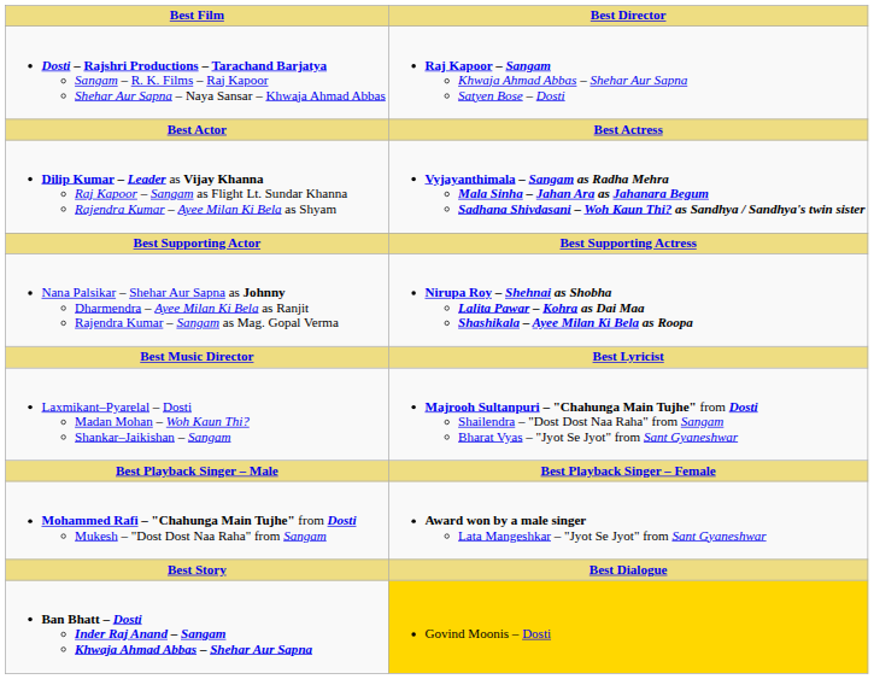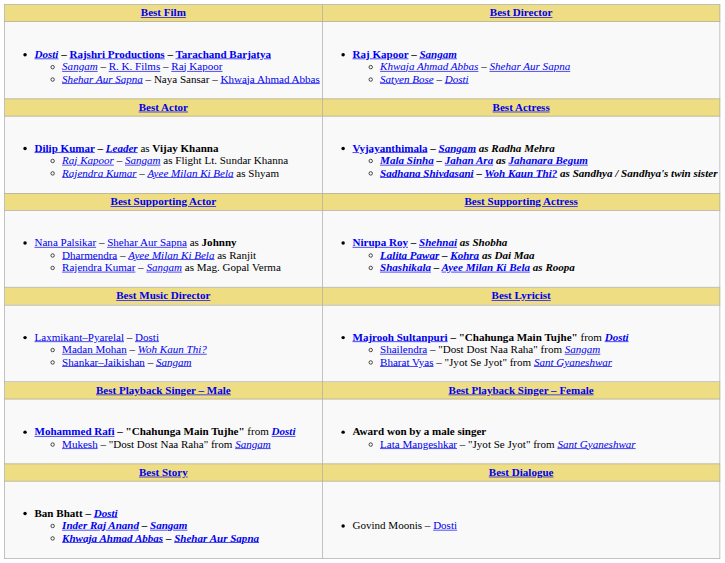 <table class="wikitable">
 <tr>
 <th style="background:#EEDD82;"><a href='#'>Best Film</a></th>
 <th style="background:#EEDD82;"><a href='#'>Best Director</a></th>
 </tr>
 <tr>
 <td valign="top"><br><ul><li><strong> <em><a href='#'>Dosti</a></em> – <a href='#'>Rajshri Productions</a> – <a href='#'>Tarachand Barjatya</a> </strong><ul><li><em><a href='#'>Sangam</a></em> – <a href='#'>R. K. Films</a> – <a href='#'>Raj Kapoor</a></li><li><em><a href='#'>Shehar Aur Sapna</a></em> – Naya Sansar – <a href='#'>Khwaja Ahmad Abbas</a></li></ul></li></ul></td>
 <td valign="top"><br><ul><li><strong><a href='#'>Raj Kapoor</a> – <em><a href='#'>Sangam</a></em> </strong><ul><li><em><a href='#'>Khwaja Ahmad Abbas</a> – <a href='#'>Shehar Aur Sapna</a></em></li><li><em><a href='#'>Satyen Bose</a> – <a href='#'>Dosti</a></em></li></ul></li></ul></td>
 </tr>
 <tr>
 <th style="background:#EEDD82;"><a href='#'>Best Actor</a></th>
 <th style="background:#EEDD82;"><a href='#'>Best Actress</a></th>
 </tr>
 <tr>
 <td><br><ul><li><strong><a href='#'>Dilip Kumar</a> – <em><a href='#'>Leader</a></em> </strong>as <strong>Vijay Khanna</strong><ul><li><em><a href='#'>Raj Kapoor</a> – <a href='#'>Sangam</a></em> as Flight Lt. Sundar Khanna</li><li><em><a href='#'>Rajendra Kumar</a> – <a href='#'>Ayee Milan Ki Bela</a></em> as Shyam</li></ul></li></ul></td>
 <td><br><ul><li><strong><a href='#'>Vyjayanthimala</a> – <em><a href='#'>Sangam</a><strong><em> as </strong>Radha Mehra<strong><ul><li></em><a href='#'>Mala Sinha</a> – <a href='#'>Jahan Ara</a><em> as <a href='#'>Jahanara Begum</a></li><li></em><a href='#'>Sadhana Shivdasani</a> – <a href='#'>Woh Kaun Thi?</a><em> as Sandhya / Sandhya's twin sister</li></ul></li></ul></td>
 </tr>
 <tr>
 <th style="background:#EEDD82;"><a href='#'>Best Supporting Actor</a></th>
 <th style="background:#EEDD82;"><a href='#'>Best Supporting Actress</a></th>
 </tr>
 <tr>
 <td><br><ul><li></strong><a href='#'>Nana Palsikar</a> – </em><a href='#'>Shehar Aur Sapna</a></em></strong> as <strong>Johnny</strong><ul><li><a href='#'>Dharmendra</a> – <em><a href='#'>Ayee Milan Ki Bela</a></em> as Ranjit</li><li><a href='#'>Rajendra Kumar</a> – <em><a href='#'>Sangam</a></em> as Mag. Gopal Verma</li></ul></li></ul></td>
 <td><br><ul><li><strong><a href='#'>Nirupa Roy</a> – <em><a href='#'>Shehnai</a><strong><em> as </strong>Shobha<strong><ul><li><a href='#'>Lalita Pawar</a> – </em><a href='#'>Kohra</a><em> as Dai Maa</li><li><a href='#'>Shashikala</a> – </em><a href='#'>Ayee Milan Ki Bela</a><em> as Roopa</li></ul></li></ul></td>
 </tr>
 <tr>
 <th style="background:#EEDD82;"><a href='#'>Best Music Director</a></th>
 <th style="background:#EEDD82;"><a href='#'>Best Lyricist</a></th>
 </tr>
 <tr>
 <td><br><ul><li></strong><a href='#'>Laxmikant–Pyarelal</a> – </em><a href='#'>Dosti</a></em></strong><ul><li><a href='#'>Madan Mohan</a> – <em><a href='#'>Woh Kaun Thi?</a></em></li><li><a href='#'>Shankar–Jaikishan</a> – <em><a href='#'>Sangam</a></em></li></ul></li></ul></td>
 <td><br><ul><li><strong><a href='#'>Majrooh Sultanpuri</a> – "Chahunga Main Tujhe"</strong> from <strong><em><a href='#'>Dosti</a></em></strong><ul><li><a href='#'>Shailendra</a> – "Dost Dost Naa Raha" from <em><a href='#'>Sangam</a></em></li><li><a href='#'>Bharat Vyas</a> – "Jyot Se Jyot" from <em><a href='#'>Sant Gyaneshwar</a></em></li></ul></li></ul></td>
 </tr>
 <tr>
 <th style="background:#EEDD82;"><a href='#'>Best Playback Singer – Male</a></th>
 <th style="background:#EEDD82;"><a href='#'>Best Playback Singer – Female</a></th>
 </tr>
 <tr>
 <td><br><ul><li><strong><a href='#'>Mohammed Rafi</a> – "Chahunga Main Tujhe"</strong> from <strong><em><a href='#'>Dosti</a></em></strong><ul><li><a href='#'>Mukesh</a> – "Dost Dost Naa Raha" from <em><a href='#'>Sangam</a></em></li></ul></li></ul></td>
 <td><br><ul><li><strong>Award won by a male singer</strong><ul><li><a href='#'>Lata Mangeshkar</a> – "Jyot Se Jyot" from <em><a href='#'>Sant Gyaneshwar</a></em></li></ul></li></ul></td>
 </tr>
 <tr>
 <th style="background:#EEDD82;"><a href='#'>Best Story</a></th>
 <th style="background:#EEDD82;"><a href='#'>Best Dialogue</a></th>
 </tr>
 <tr>
 <td><br><ul><li><strong>Ban Bhatt – <em><a href='#'>Dosti</a><strong><em><ul><li><a href='#'>Inder Raj Anand</a> – </em><a href='#'>Sangam</a><em></li><li><a href='#'>Khwaja Ahmad Abbas</a> – </em><a href='#'>Shehar Aur Sapna</a><em></li></ul></li></ul></td>
-<td style="background: gold;"><br><ul><li></strong>Govind Moonis – </em><a href='#'>Dosti</a></em></strong></li></ul></td>
+<td><br><ul><li></strong>Govind Moonis – </em><a href='#'>Dosti</a></em></strong></li></ul></td>
 </tr>
 </table>
